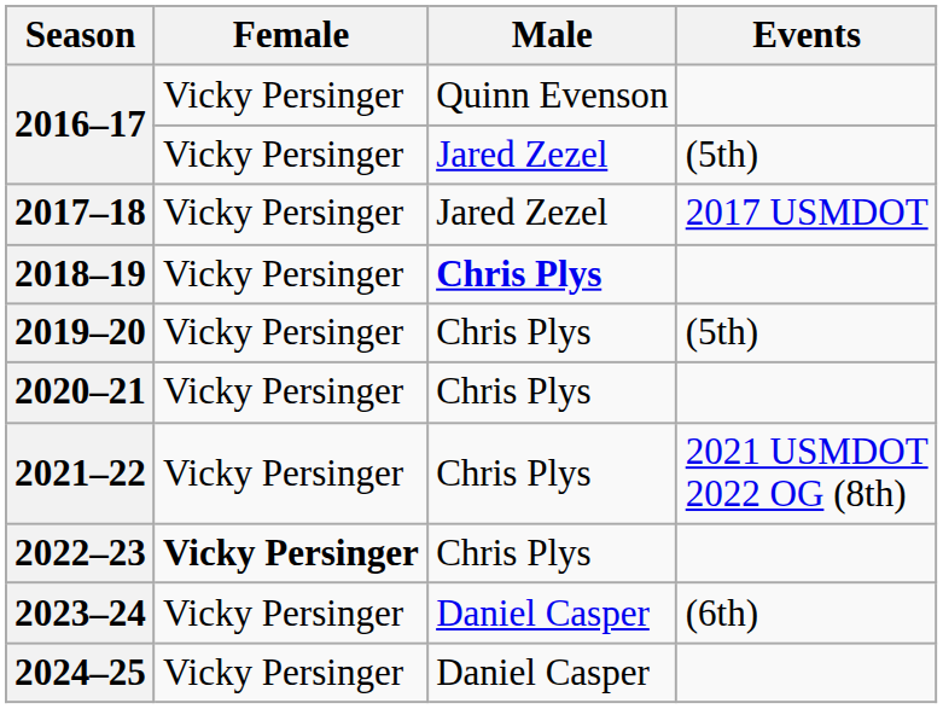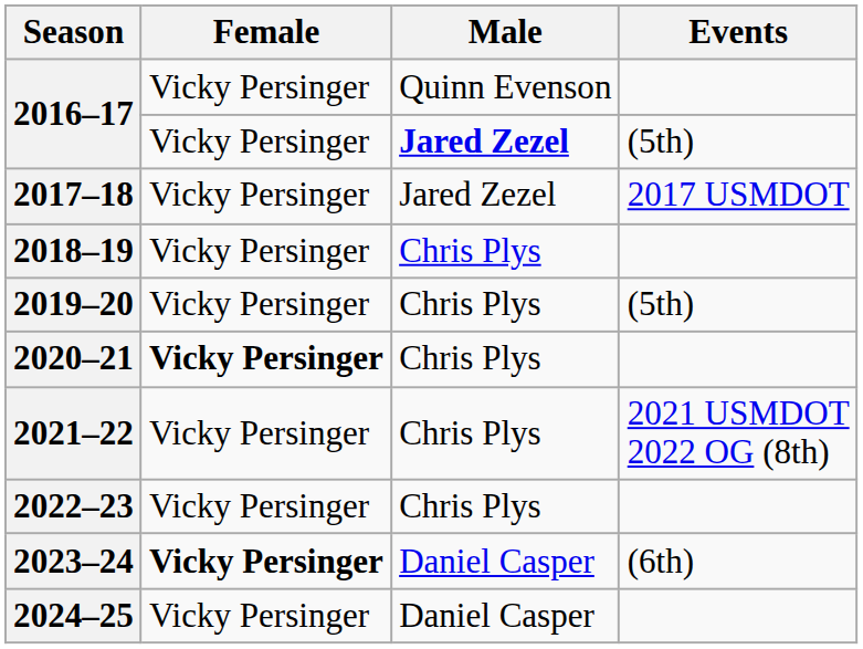 <table class="wikitable">
 <tr>
 <th scope="col">Season</th>
 <th scope="col">Female</th>
 <th scope="col">Male</th>
 <th scope="col">Events</th>
 </tr>
 <tr>
 <th scope="row" rowspan=2>2016–17</th>
 <td>Vicky Persinger</td>
 <td>Quinn Evenson</td>
 <td></td>
 </tr>
 <tr>
 <td>Vicky Persinger</td>
-<td><a href='#'>Jared Zezel</a></td>
+<td><strong><a href='#'>Jared Zezel</a></strong></td>
 <td> (5th)</td>
 </tr>
 <tr>
 <th scope="row">2017–18</th>
 <td>Vicky Persinger</td>
 <td>Jared Zezel</td>
 <td><a href='#'>2017 USMDOT</a> </td>
 </tr>
 <tr>
 <th scope="row">2018–19</th>
 <td>Vicky Persinger</td>
-<td><strong><a href='#'>Chris Plys</a></strong></td>
+<td><a href='#'>Chris Plys</a></td>
 <td> </td>
 </tr>
 <tr>
 <th scope="row">2019–20</th>
 <td>Vicky Persinger</td>
 <td>Chris Plys</td>
 <td> (5th)</td>
 </tr>
 <tr>
 <th scope="row">2020–21</th>
-<td>Vicky Persinger</td>
+<td><strong>Vicky Persinger</strong></td>
 <td>Chris Plys</td>
 <td> </td>
 </tr>
 <tr>
 <th scope="row">2021–22</th>
 <td>Vicky Persinger</td>
 <td>Chris Plys</td>
 <td><a href='#'>2021 USMDOT</a>  <br> <a href='#'>2022 OG</a> (8th)</td>
 </tr>
 <tr>
 <th scope="row">2022–23</th>
-<td><strong>Vicky Persinger</strong></td>
+<td>Vicky Persinger</td>
 <td>Chris Plys</td>
 <td> </td>
 </tr>
 <tr>
 <th scope="row">2023–24</th>
-<td>Vicky Persinger</td>
+<td><strong>Vicky Persinger</strong></td>
 <td><a href='#'>Daniel Casper</a></td>
 <td> (6th)</td>
 </tr>
 <tr>
 <th scope="row">2024–25</th>
 <td>Vicky Persinger</td>
 <td>Daniel Casper</td>
 <td></td>
 </tr>
 </table>
